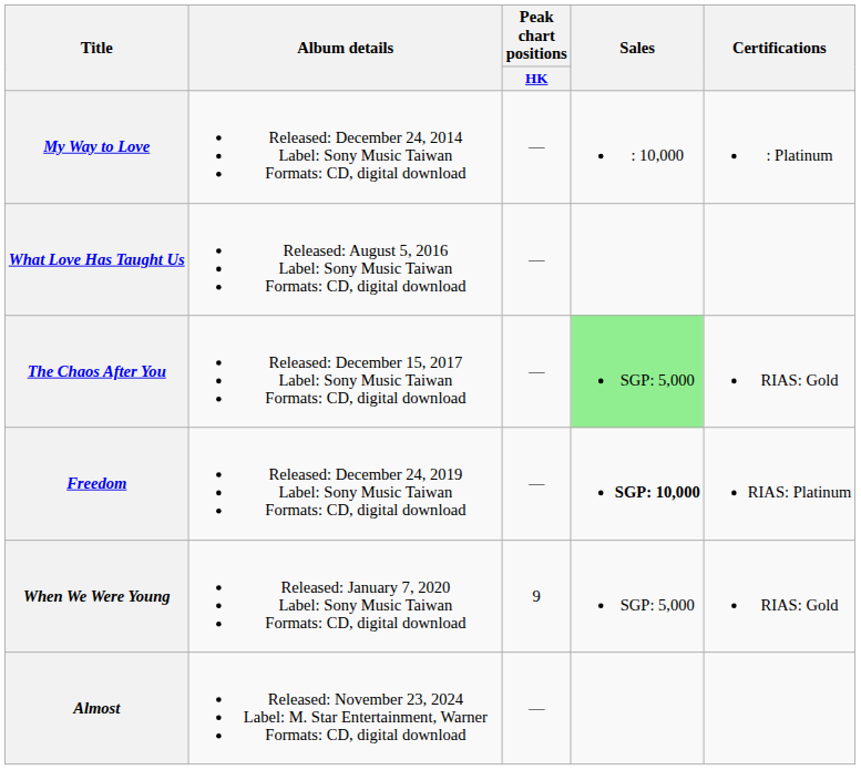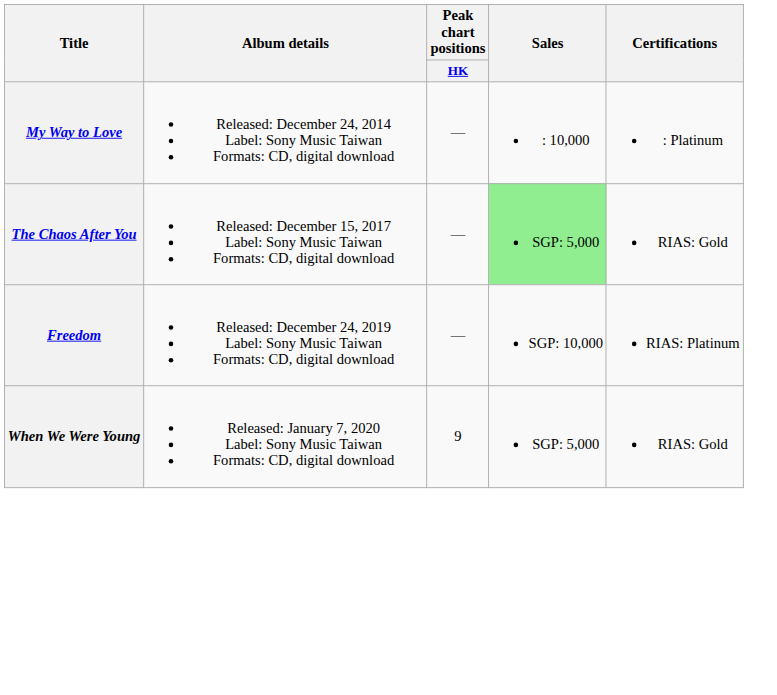 <table class="wikitable plainrowheaders" style="text-align:center;">
 <tr>
 <th rowspan="2">Title</th>
 <th rowspan="2" style="width:19em">Album details</th>
 <th>Peak chart positions</th>
 <th rowspan="2">Sales</th>
 <th rowspan="2">Certifications</th>
 </tr>
 <tr>
 <th scope="col" style="width:3em;font-size:90%;"><a href='#'>HK</a><br></th>
 </tr>
 <tr>
 <th scope="row"><em><a href='#'>My Way to Love</a></em></th>
 <td><br><ul><li>Released: December 24, 2014</li><li>Label: Sony Music Taiwan</li><li>Formats: CD, digital download</li></ul></td>
 <td>—</td>
 <td><br><ul><li>: 10,000</li></ul></td>
 <td><br><ul><li>: Platinum</li></ul></td>
 </tr>
 <tr>
-<th scope="row"><em><a href='#'>What Love Has Taught Us</a></em></th>
-<td><br><ul><li>Released: August 5, 2016</li><li>Label: Sony Music Taiwan</li><li>Formats: CD, digital download</li></ul></td>
-<td>—</td>
-<td></td>
-<td></td>
-</tr>
-<tr>
 <th scope="row"><em><a href='#'>The Chaos After You</a></em></th>
 <td><br><ul><li>Released: December 15, 2017</li><li>Label: Sony Music Taiwan</li><li>Formats: CD, digital download</li></ul></td>
 <td>—</td>
 <td style="background: lightgreen;"><br><ul><li>SGP: 5,000</li></ul></td>
 <td><br><ul><li>RIAS: Gold</li></ul></td>
 </tr>
 <tr>
 <th scope="row"><em><a href='#'>Freedom</a></em></th>
 <td><br><ul><li>Released: December 24, 2019</li><li>Label: Sony Music Taiwan</li><li>Formats: CD, digital download</li></ul></td>
 <td>—</td>
-<td><strong><br><ul><li>SGP: 10,000</li></ul></strong></td>
+<td><br><ul><li>SGP: 10,000</li></ul></td>
 <td><br><ul><li>RIAS: Platinum</li></ul></td>
 </tr>
 <tr>
 <th scope="row"><em>When We Were Young</em></th>
 <td><br><ul><li>Released: January 7, 2020</li><li>Label: Sony Music Taiwan</li><li>Formats: CD, digital download</li></ul></td>
 <td>9</td>
 <td><br><ul><li>SGP: 5,000</li></ul></td>
 <td><br><ul><li>RIAS: Gold</li></ul></td>
 </tr>
-<tr>
-<th scope="row"><em>Almost</em></th>
-<td><br><ul><li>Released: November 23, 2024</li><li>Label: M. Star Entertainment, Warner</li><li>Formats: CD, digital download</li></ul></td>
-<td>—</td>
-<td></td>
-<td></td>
-</tr>
 </table>
